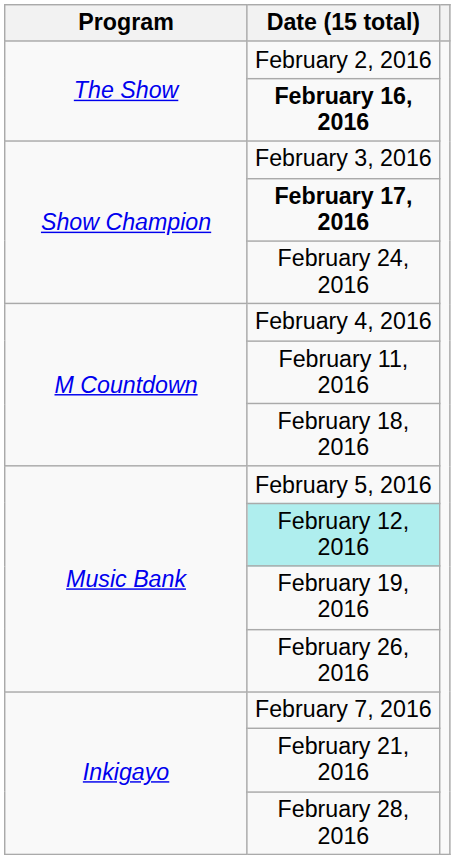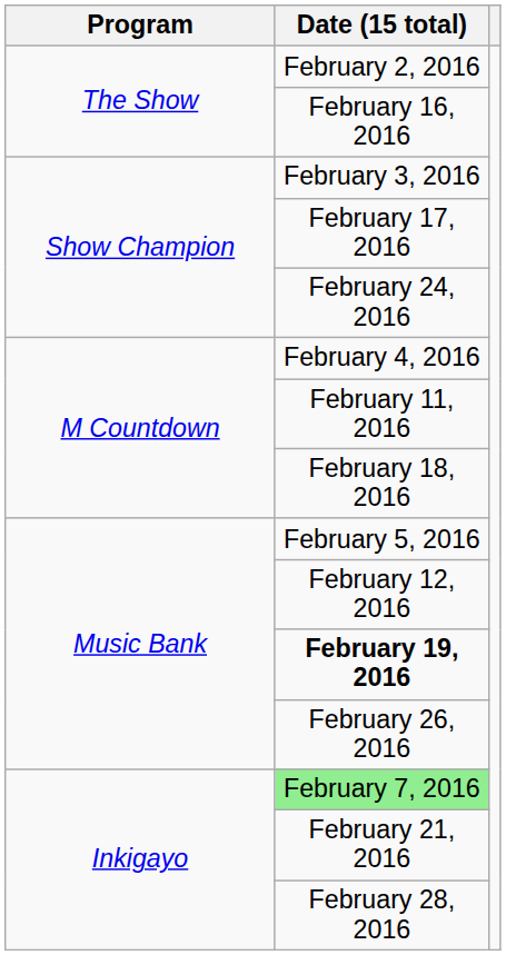 <table class="wikitable sortable plainrowheaders" style="text-align:center">
 <tr>
 <th width="160">Program</th>
 <th width="125">Date (15 total)</th>
 <th class="unsortable"></th>
 </tr>
 <tr>
 <td rowspan="2"><em><a href='#'>The Show</a></em></td>
 <td>February 2, 2016</td>
 <td rowspan="15"></td>
 </tr>
 <tr>
-<td><strong>February 16, 2016</strong></td>
+<td>February 16, 2016</td>
 </tr>
 <tr>
 <td rowspan="3"><em><a href='#'>Show Champion</a></em></td>
 <td>February 3, 2016</td>
 </tr>
 <tr>
-<td><strong>February 17, 2016</strong></td>
+<td>February 17, 2016</td>
 </tr>
 <tr>
 <td>February 24, 2016</td>
 </tr>
 <tr>
 <td rowspan="3"><em><a href='#'>M Countdown</a></em></td>
 <td>February 4, 2016</td>
 </tr>
 <tr>
 <td>February 11, 2016</td>
 </tr>
 <tr>
 <td>February 18, 2016</td>
 </tr>
 <tr>
 <td rowspan="4"><em><a href='#'>Music Bank</a></em></td>
 <td>February 5, 2016</td>
 </tr>
 <tr>
-<td style="background: paleturquoise;">February 12, 2016</td>
+<td>February 12, 2016</td>
 </tr>
 <tr>
-<td>February 19, 2016</td>
+<td><strong>February 19, 2016</strong></td>
 </tr>
 <tr>
 <td>February 26, 2016</td>
 </tr>
 <tr>
 <td rowspan="3"><em><a href='#'>Inkigayo</a></em></td>
-<td>February 7, 2016</td>
+<td style="background: lightgreen;">February 7, 2016</td>
 </tr>
 <tr>
 <td>February 21, 2016</td>
 </tr>
 <tr>
 <td>February 28, 2016</td>
 </tr>
 </table>
